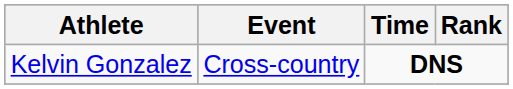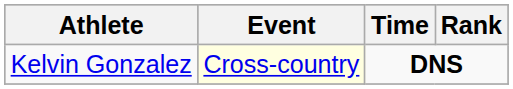 <table class=wikitable style="font-size:95%">
 <tr>
 <th>Athlete</th>
 <th>Event</th>
 <th>Time</th>
 <th>Rank</th>
 </tr>
 <tr>
 <td><a href='#'>Kelvin Gonzalez</a></td>
-<td align=center><a href='#'>Cross-country</a></td>
+<td align=center style="background: lightyellow;"><a href='#'>Cross-country</a></td>
 <td align=center colspan=2><strong>DNS</strong></td>
 </tr>
 </table>
